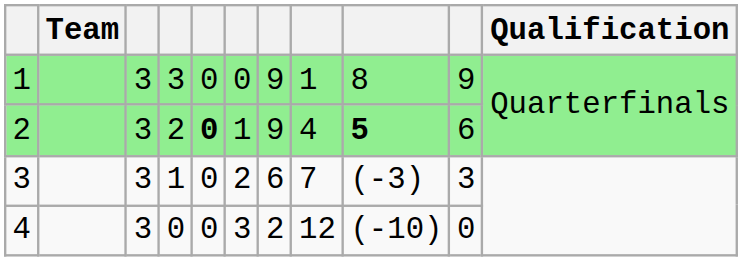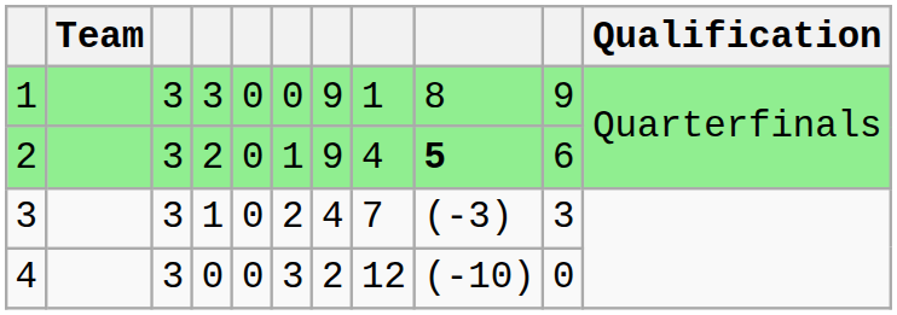 <table class="wikitable">
 <tr>
 <th></th>
 <th>Team</th>
 <th></th>
 <th></th>
 <th></th>
 <th></th>
 <th></th>
 <th></th>
 <th></th>
 <th></th>
 <th>Qualification</th>
 </tr>
 <tr bgcolor=lightgreen>
 <td>1</td>
 <td></td>
 <td>3</td>
 <td>3</td>
 <td>0</td>
 <td>0</td>
 <td>9</td>
 <td>1</td>
 <td>8</td>
 <td>9</td>
 <td rowspan=2>Quarterfinals</td>
 </tr>
 <tr bgcolor=lightgreen>
 <td>2</td>
 <td></td>
 <td>3</td>
 <td>2</td>
-<td><strong>0</strong></td>
+<td>0</td>
 <td>1</td>
 <td>9</td>
 <td>4</td>
 <td><strong>5</strong></td>
 <td>6</td>
 </tr>
 <tr>
 <td>3</td>
 <td></td>
 <td>3</td>
 <td>1</td>
 <td>0</td>
 <td>2</td>
-<td>6</td>
+<td>4</td>
 <td>7</td>
 <td>(-3)</td>
 <td>3</td>
 <td rowspan=2></td>
 </tr>
 <tr>
 <td>4</td>
 <td></td>
 <td>3</td>
 <td>0</td>
 <td>0</td>
 <td>3</td>
 <td>2</td>
 <td>12</td>
 <td>(-10)</td>
 <td>0</td>
 </tr>
 </table>
